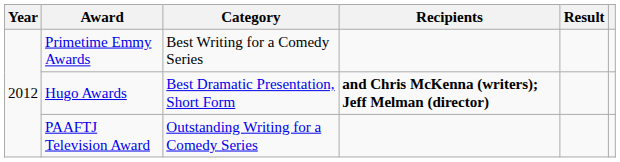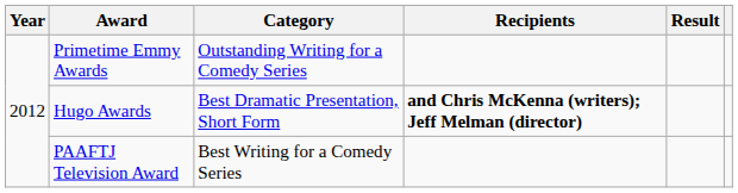 <table class="wikitable sortable" style="font-size:95%; width:99%;" summary="Remedial Chaos Theory was nominated for an Emmy Award and a Hugo Award. It won a PAAFTJ Television Award.">
 <tr style="text-align:center;">
 <th scope="col">Year</th>
 <th scope="col">Award</th>
 <th scope="col">Category</th>
 <th scope="col">Recipients</th>
 <th scope="col">Result</th>
 <th scope="col" class="unsortable"></th>
 </tr>
 <tr>
 <td align="center" rowspan="3">2012</td>
 <td><a href='#'>Primetime Emmy Awards</a></td>
-<td>Best Writing for a Comedy Series</td>
+<td><a href='#'>Outstanding Writing for a Comedy Series</a></td>
 <td></td>
 <td></td>
 <td align="center"></td>
 </tr>
 <tr>
 <td><a href='#'>Hugo Awards</a></td>
 <td><a href='#'>Best Dramatic Presentation, Short Form</a></td>
 <td><strong> and Chris McKenna (writers); Jeff Melman (director)</strong></td>
 <td></td>
 <td align="center"></td>
 </tr>
 <tr>
 <td><a href='#'>PAAFTJ Television Award</a></td>
-<td><a href='#'>Outstanding Writing for a Comedy Series</a></td>
+<td>Best Writing for a Comedy Series</td>
 <td></td>
 <td></td>
 <td align="center"></td>
 </tr>
 </table>
